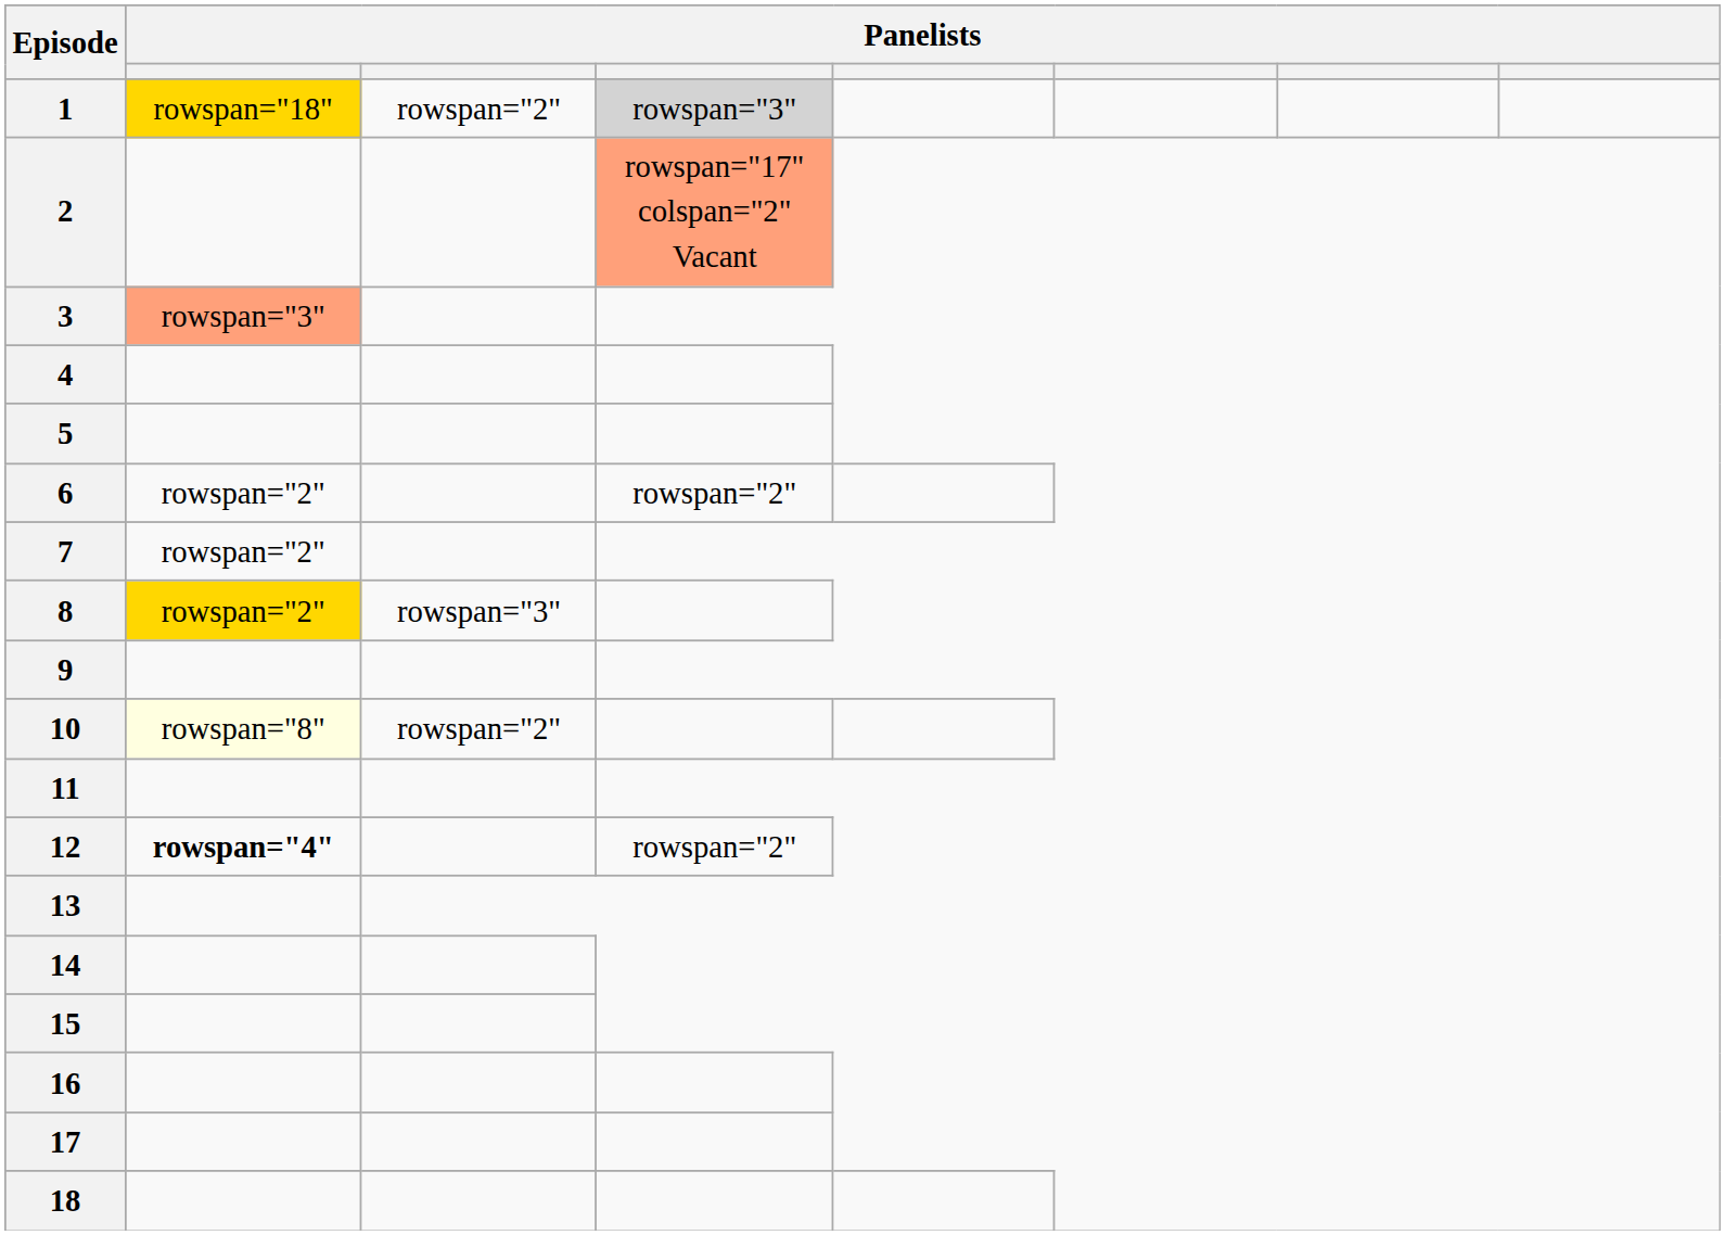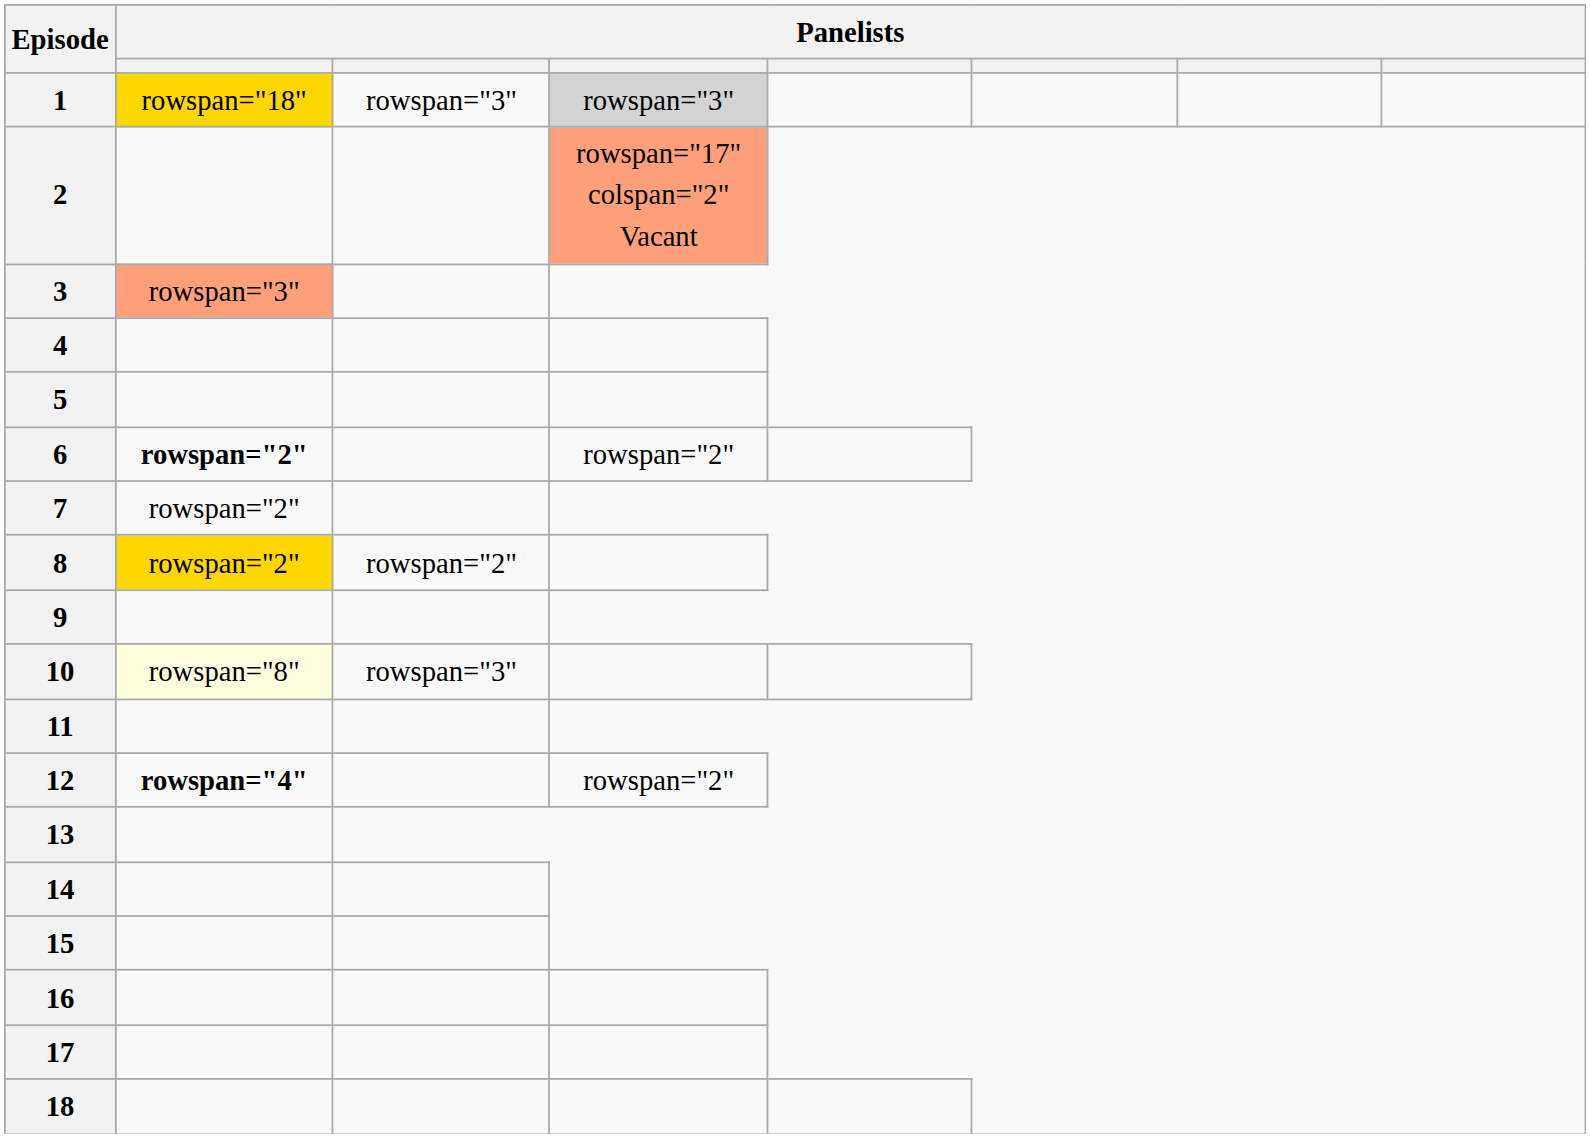 <table class="wikitable plainrowheaders mw-collapsible" style="text-align:center; line-height:23px; width:100%;">
 <tr>
 <th rowspan="2" width="1%">Episode</th>
 <th colspan="7">Panelists</th>
 </tr>
 <tr>
 <th width="14%"></th>
 <th width="14%"></th>
 <th width="14%"></th>
 <th width="14%"></th>
 <th width="14%"></th>
 <th width="14%"></th>
 <th width="14%"></th>
 </tr>
 <tr>
 <th>1</th>
 <td style="background: gold;">rowspan="18" </td>
-<td>rowspan="2" </td>
+<td>rowspan="3" </td>
 <td style="background: lightgrey;">rowspan="3" </td>
 <td></td>
 <td></td>
 <td></td>
 <td></td>
 </tr>
 <tr>
 <th>2</th>
 <td></td>
 <td></td>
 <td style="background: lightsalmon;">rowspan="17" colspan="2"  Vacant</td>
 </tr>
 <tr>
 <th>3</th>
 <td style="background: lightsalmon;">rowspan="3" </td>
 <td></td>
 </tr>
 <tr>
 <th>4</th>
 <td></td>
 <td></td>
 <td></td>
 </tr>
 <tr>
 <th>5</th>
 <td></td>
 <td></td>
 <td></td>
 </tr>
 <tr>
 <th>6</th>
-<td>rowspan="2" </td>
+<td><strong>rowspan="2" </strong></td>
 <td></td>
 <td>rowspan="2" </td>
 <td></td>
 </tr>
 <tr>
 <th>7</th>
 <td>rowspan="2" </td>
 <td></td>
 </tr>
 <tr>
 <th>8</th>
 <td style="background: gold;">rowspan="2" </td>
-<td>rowspan="3" </td>
+<td>rowspan="2" </td>
 <td></td>
 </tr>
 <tr>
 <th>9</th>
 <td></td>
 <td></td>
 </tr>
 <tr>
 <th>10</th>
 <td style="background: lightyellow;">rowspan="8" </td>
-<td>rowspan="2" </td>
+<td>rowspan="3" </td>
 <td></td>
 <td></td>
 </tr>
 <tr>
 <th>11</th>
 <td></td>
 <td></td>
 </tr>
 <tr>
 <th>12</th>
 <td><strong>rowspan="4" </strong></td>
 <td></td>
 <td>rowspan="2" </td>
 </tr>
 <tr>
 <th>13</th>
 <td></td>
 </tr>
 <tr>
 <th>14</th>
 <td></td>
 <td></td>
 </tr>
 <tr>
 <th>15</th>
 <td></td>
 <td></td>
 </tr>
 <tr>
 <th>16</th>
 <td></td>
 <td></td>
 <td></td>
 </tr>
 <tr>
 <th>17</th>
 <td></td>
 <td></td>
 <td></td>
 </tr>
 <tr>
 <th>18</th>
 <td></td>
 <td></td>
 <td></td>
 <td></td>
 </tr>
 </table>
